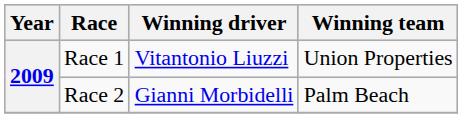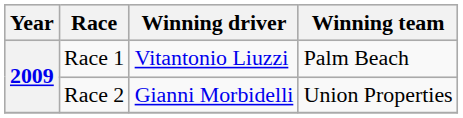 <table class="wikitable" style="font-size:85%">
 <tr>
 <th>Year</th>
 <th>Race</th>
 <th>Winning driver</th>
 <th>Winning team</th>
 </tr>
 <tr>
 <th rowspan="2"><a href='#'>2009</a></th>
 <td>Race 1</td>
 <td> <a href='#'>Vitantonio Liuzzi</a></td>
-<td> Union Properties</td>
+<td> Palm Beach</td>
 </tr>
 <tr>
 <td>Race 2</td>
 <td> <a href='#'>Gianni Morbidelli</a></td>
-<td> Palm Beach</td>
+<td> Union Properties</td>
 </tr>
 <tr>
 </tr>
 </table>
